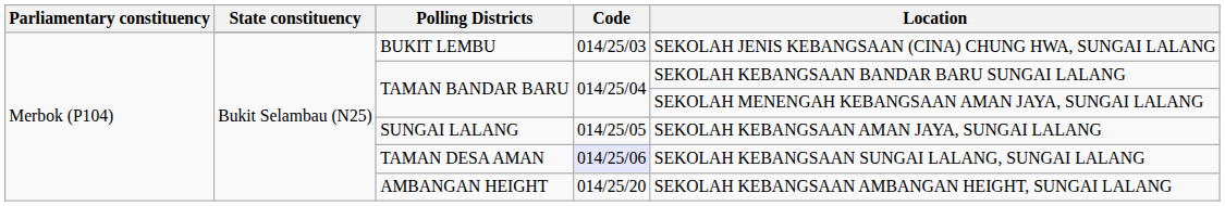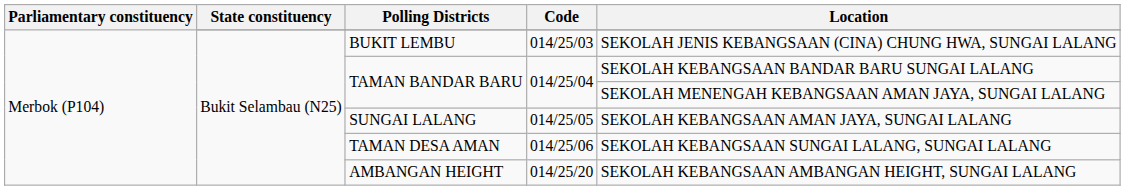 <table class="wikitable sortable mw-collapsible" style="white-space:nowrap;font-size:85%">
 <tr>
 <th>Parliamentary constituency</th>
 <th>State constituency</th>
 <th>Polling Districts</th>
 <th>Code</th>
 <th>Location</th>
 </tr>
 <tr>
 <td rowspan="8">Merbok (P104)</td>
 </tr>
 <tr>
 <td rowspan="7">Bukit Selambau (N25)</td>
 </tr>
 <tr>
 <td>BUKIT LEMBU</td>
 <td>014/25/03</td>
 <td>SEKOLAH JENIS KEBANGSAAN (CINA) CHUNG HWA, SUNGAI LALANG</td>
 </tr>
 <tr>
 <td rowspan="2">TAMAN BANDAR BARU</td>
 <td rowspan="2">014/25/04</td>
 <td>SEKOLAH KEBANGSAAN BANDAR BARU SUNGAI LALANG</td>
 </tr>
 <tr>
 <td>SEKOLAH MENENGAH KEBANGSAAN AMAN JAYA, SUNGAI LALANG</td>
 </tr>
 <tr>
 <td>SUNGAI LALANG</td>
 <td>014/25/05</td>
 <td>SEKOLAH KEBANGSAAN AMAN JAYA, SUNGAI LALANG</td>
 </tr>
 <tr>
 <td>TAMAN DESA AMAN</td>
-<td style="background: lavender;">014/25/06</td>
+<td>014/25/06</td>
 <td>SEKOLAH KEBANGSAAN SUNGAI LALANG, SUNGAI LALANG</td>
 </tr>
 <tr>
 <td>AMBANGAN HEIGHT</td>
 <td>014/25/20</td>
 <td>SEKOLAH KEBANGSAAN AMBANGAN HEIGHT, SUNGAI LALANG</td>
 </tr>
 </table>
